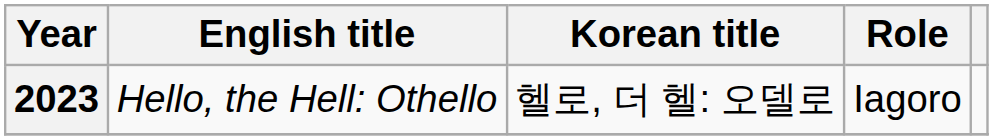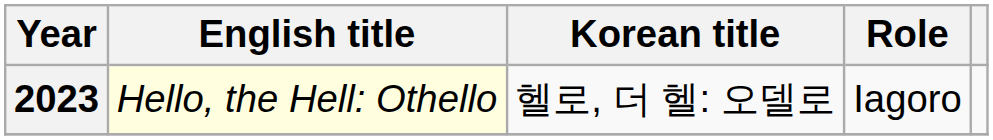 <table class="wikitable sortable plainrowheaders">
 <tr>
 <th scope="col">Year</th>
 <th scope="col">English title</th>
 <th scope="col">Korean title</th>
 <th scope="col">Role</th>
 <th scope="col" class="unsortable"></th>
 </tr>
 <tr>
 <th scope="row">2023</th>
-<td><em>Hello, the Hell: Othello</em></td>
+<td style="background: lightyellow;"><em>Hello, the Hell: Othello</em></td>
 <td>헬로, 더 헬: 오델로</td>
 <td>Iagoro</td>
 <td></td>
 </tr>
 <tr>
 </tr>
 </table>
